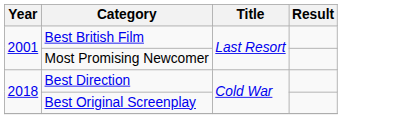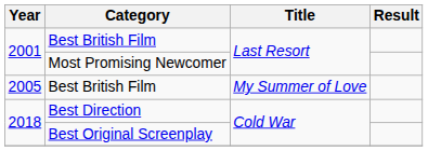 <table class=wikitable>
 <tr>
 <th scope="col">Year</th>
 <th scope="col">Category</th>
 <th scope="col">Title</th>
 <th scope="col">Result</th>
 </tr>
 <tr>
 <td rowspan="2"><a href='#'>2001</a></td>
 <td><a href='#'>Best British Film</a></td>
 <td rowspan="2"><em><a href='#'>Last Resort</a></em></td>
 <td></td>
 </tr>
 <tr>
 <td>Most Promising Newcomer</td>
 <td></td>
 </tr>
 <tr>
+<td><a href='#'>2005</a></td>
+<td>Best British Film</td>
+<td><em><a href='#'>My Summer of Love</a></em></td>
+<td></td>
+</tr>
+<tr>
 <td rowspan="2"><a href='#'>2018</a></td>
 <td><a href='#'>Best Direction</a></td>
 <td rowspan="2"><em><a href='#'>Cold War</a></em></td>
 <td></td>
 </tr>
 <tr>
 <td><a href='#'>Best Original Screenplay</a></td>
 <td></td>
 </tr>
 <tr>
 </tr>
 </table>
